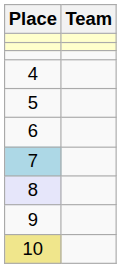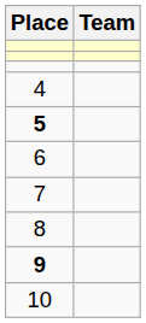 <table class="wikitable">
 <tr>
 <th>Place</th>
 <th>Team</th>
 </tr>
 <tr bgcolor=#ffffcc>
 <td align=center></td>
 <td></td>
 </tr>
 <tr bgcolor=#ffffcc>
 <td align=center></td>
 <td></td>
 </tr>
 <tr>
 <td align=center></td>
 <td></td>
 </tr>
 <tr>
 <td align=center>4</td>
 <td></td>
 </tr>
 <tr>
-<td align=center>5</td>
+<td align=center><strong>5</strong></td>
 <td></td>
 </tr>
 <tr>
 <td align=center>6</td>
 <td></td>
 </tr>
 <tr>
-<td align=center style="background: lightblue;">7</td>
+<td align=center>7</td>
 <td></td>
 </tr>
 <tr>
-<td align=center style="background: lavender;">8</td>
+<td align=center>8</td>
 <td></td>
 </tr>
 <tr>
-<td align=center>9</td>
+<td align=center><strong>9</strong></td>
 <td></td>
 </tr>
 <tr>
-<td align=center style="background: khaki;">10</td>
+<td align=center>10</td>
 <td></td>
 </tr>
 </table>
